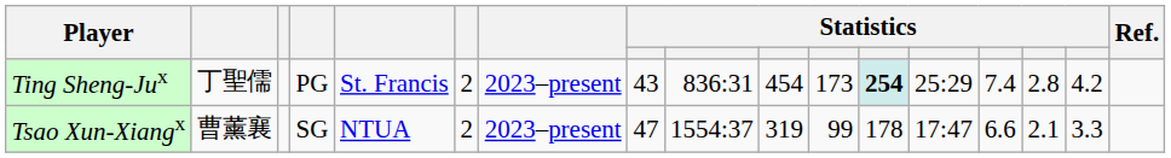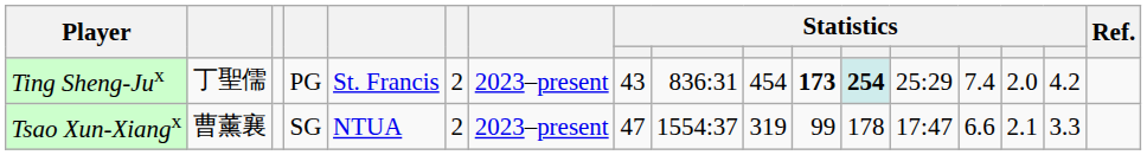 <table class="wikitable sortable" style="font-size:95%; text-align:right;">
 <tr>
 <th rowspan="2">Player</th>
 <th rowspan="2"></th>
 <th rowspan="2"></th>
 <th rowspan="2"></th>
 <th rowspan="2"></th>
 <th rowspan="2"></th>
 <th rowspan="2"></th>
 <th colspan="9">Statistics</th>
 <th rowspan="2">Ref.</th>
 </tr>
 <tr>
 <th></th>
 <th></th>
 <th></th>
 <th></th>
 <th></th>
 <th></th>
 <th></th>
 <th></th>
 <th></th>
 </tr>
 <tr>
 <td align="left" bgcolor="#CCFFCC"><em>Ting Sheng-Ju</em><sup>x</sup></td>
 <td align="left">丁聖儒</td>
 <td align="center"></td>
 <td align="center">PG</td>
 <td align="left"><a href='#'>St. Francis</a></td>
 <td align="center">2</td>
 <td align="center"><a href='#'>2023</a>–<a href='#'>present</a></td>
 <td>43</td>
 <td>836:31</td>
 <td>454</td>
-<td>173</td>
+<td><strong>173</strong></td>
 <td bgcolor="#CFECEC"><strong>254</strong></td>
 <td>25:29</td>
 <td>7.4</td>
-<td>2.8</td>
+<td>2.0</td>
 <td>4.2</td>
 <td align="center"></td>
 </tr>
 <tr>
 <td align="left" bgcolor="#CCFFCC"><em>Tsao Xun-Xiang</em><sup>x</sup></td>
 <td align="left">曹薰襄</td>
 <td align="center"></td>
 <td align="center">SG</td>
 <td align="left"><a href='#'>NTUA</a></td>
 <td align="center">2</td>
 <td align="center"><a href='#'>2023</a>–<a href='#'>present</a></td>
 <td>47</td>
 <td>1554:37</td>
 <td>319</td>
 <td>99</td>
 <td>178</td>
 <td>17:47</td>
 <td>6.6</td>
 <td>2.1</td>
 <td>3.3</td>
 <td align="center"></td>
 </tr>
 </table>
